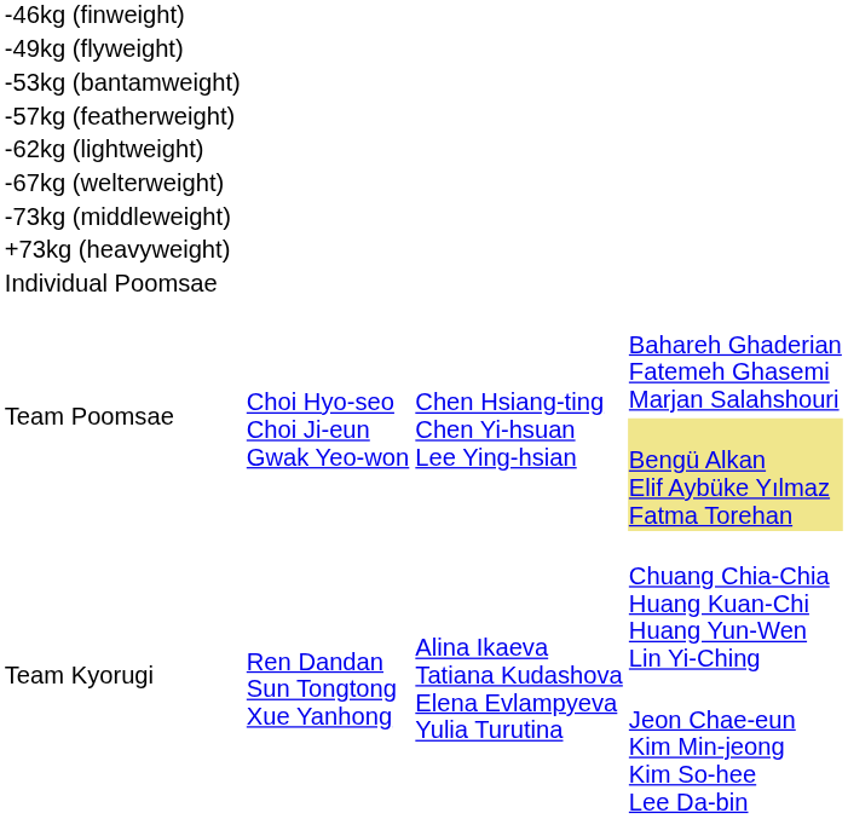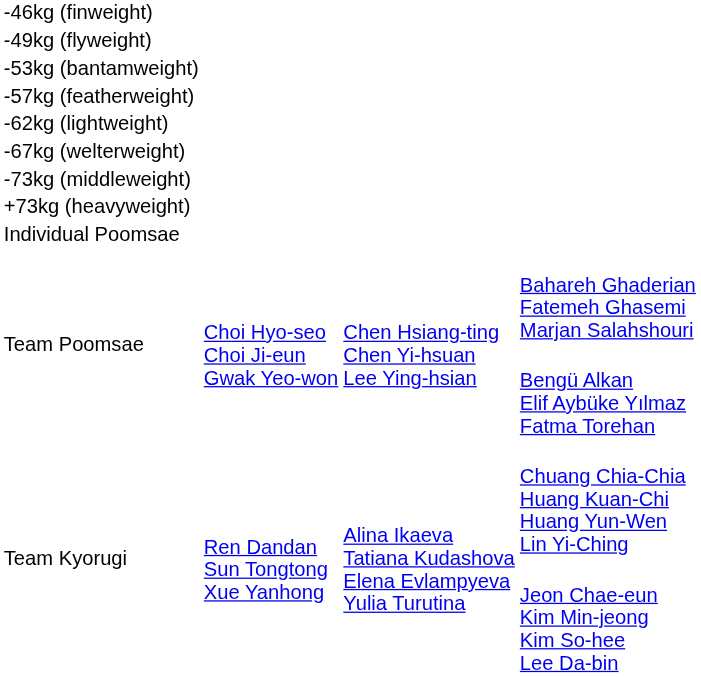 <table>
 <tr>
 <td rowspan=2>-46kg (finweight)<br></td>
 <td rowspan=2></td>
 <td rowspan=2></td>
 <td></td>
 </tr>
 <tr>
 <td></td>
 </tr>
 <tr>
 <td rowspan=2>-49kg (flyweight)<br></td>
 <td rowspan=2></td>
 <td rowspan=2></td>
 <td></td>
 </tr>
 <tr>
 <td></td>
 </tr>
 <tr>
 <td rowspan=2>-53kg (bantamweight)<br></td>
 <td rowspan=2></td>
 <td rowspan=2></td>
 <td></td>
 </tr>
 <tr>
 <td></td>
 </tr>
 <tr>
 <td rowspan=2>-57kg (featherweight)<br></td>
 <td rowspan=2></td>
 <td rowspan=2></td>
 <td></td>
 </tr>
 <tr>
 <td></td>
 </tr>
 <tr>
 <td rowspan=2>-62kg (lightweight)<br></td>
 <td rowspan=2></td>
 <td rowspan=2></td>
 <td></td>
 </tr>
 <tr>
 <td></td>
 </tr>
 <tr>
 <td rowspan=2>-67kg (welterweight)<br></td>
 <td rowspan=2></td>
 <td rowspan=2></td>
 <td></td>
 </tr>
 <tr>
 <td></td>
 </tr>
 <tr>
 <td rowspan=2>-73kg (middleweight)<br></td>
 <td rowspan=2></td>
 <td rowspan=2></td>
 <td></td>
 </tr>
 <tr>
 <td></td>
 </tr>
 <tr>
 <td rowspan=2>+73kg (heavyweight)<br></td>
 <td rowspan=2></td>
 <td rowspan=2></td>
 <td></td>
 </tr>
 <tr>
 <td></td>
 </tr>
 <tr>
 <td rowspan=2>Individual Poomsae<br></td>
 <td rowspan=2></td>
 <td rowspan=2></td>
 <td></td>
 </tr>
 <tr>
 <td></td>
 </tr>
 <tr>
 <td rowspan=2>Team Poomsae<br></td>
 <td rowspan=2><br><a href='#'>Choi Hyo-seo</a><br><a href='#'>Choi Ji-eun</a><br><a href='#'>Gwak Yeo-won</a></td>
 <td rowspan=2><br><a href='#'>Chen Hsiang-ting</a><br><a href='#'>Chen Yi-hsuan</a><br><a href='#'>Lee Ying-hsian</a></td>
 <td><br><a href='#'>Bahareh Ghaderian</a><br><a href='#'>Fatemeh Ghasemi</a><br><a href='#'>Marjan Salahshouri</a></td>
 </tr>
 <tr>
-<td style="background: khaki;"><br><a href='#'>Bengü Alkan</a><br><a href='#'>Elif Aybüke Yılmaz</a><br><a href='#'>Fatma Torehan</a></td>
+<td><br><a href='#'>Bengü Alkan</a><br><a href='#'>Elif Aybüke Yılmaz</a><br><a href='#'>Fatma Torehan</a></td>
 </tr>
 <tr>
 <td rowspan=2>Team Kyorugi<br></td>
 <td rowspan=2><br><a href='#'>Ren Dandan</a><br><a href='#'>Sun Tongtong</a><br><a href='#'>Xue Yanhong</a></td>
 <td rowspan=2><br><a href='#'>Alina Ikaeva</a><br><a href='#'>Tatiana Kudashova</a><br><a href='#'>Elena Evlampyeva</a><br><a href='#'>Yulia Turutina</a></td>
 <td><br><a href='#'>Chuang Chia-Chia</a><br><a href='#'>Huang Kuan-Chi</a><br><a href='#'>Huang Yun-Wen</a><br><a href='#'>Lin Yi-Ching</a></td>
 </tr>
 <tr>
 <td><br><a href='#'>Jeon Chae-eun</a><br><a href='#'>Kim Min-jeong</a><br><a href='#'>Kim So-hee</a><br><a href='#'>Lee Da-bin</a></td>
 </tr>
 </table>
